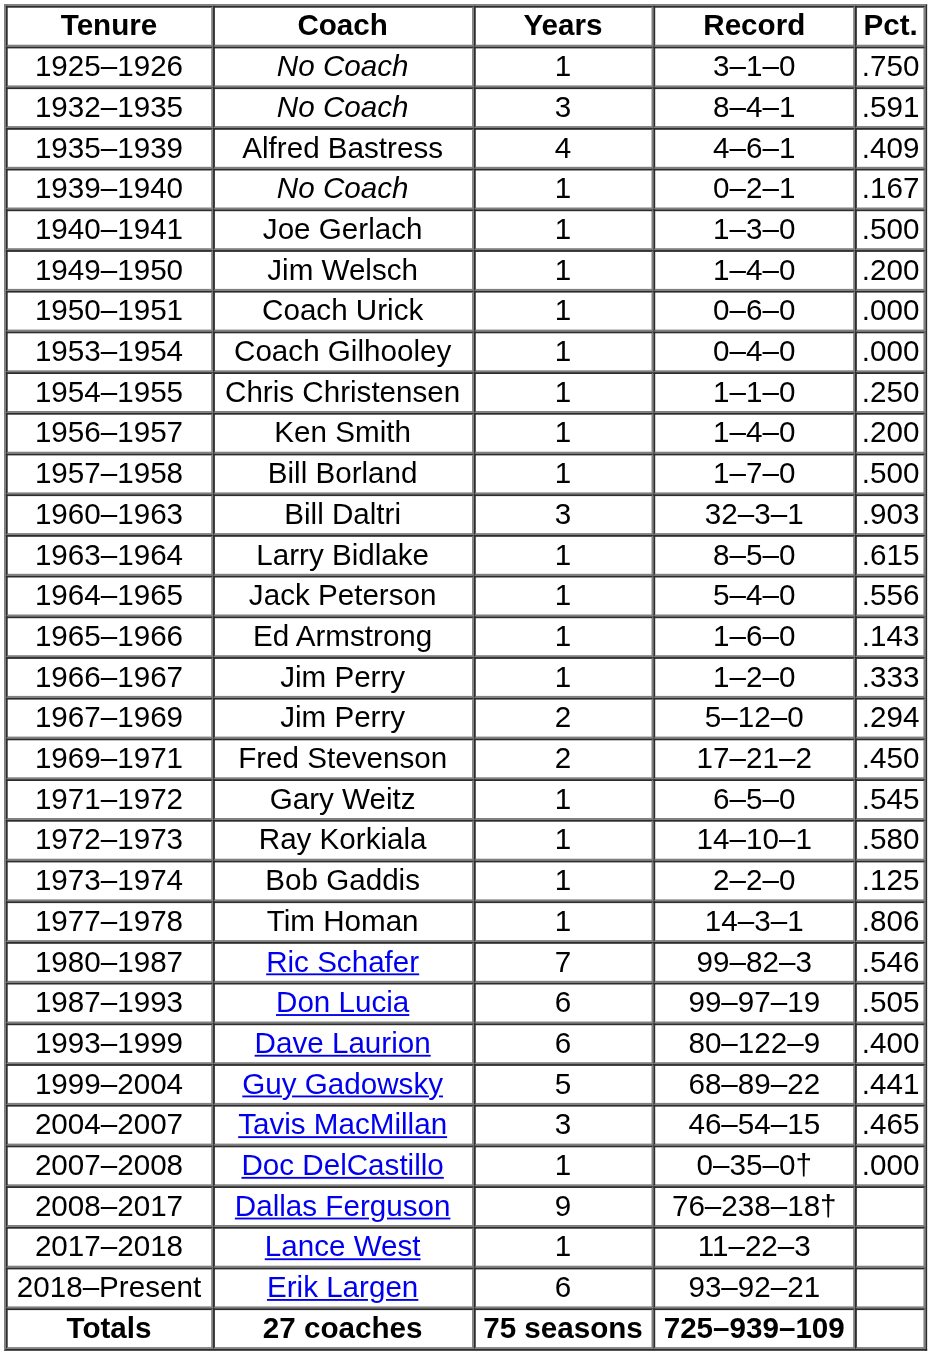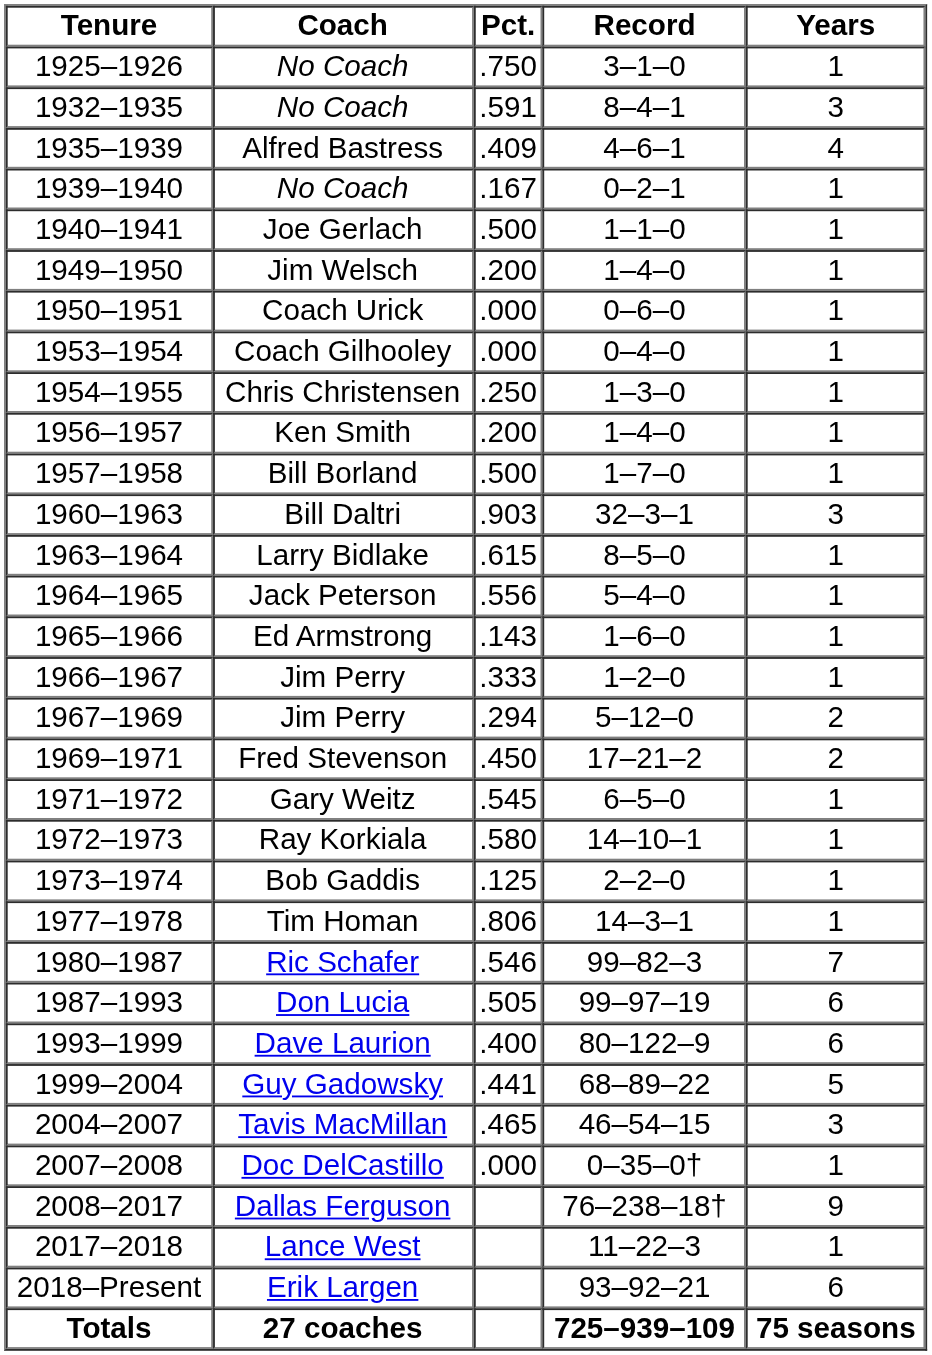 <table cellpadding="1" border="1" cellspacing="0" width="80%">
 <tr>
 <th>Tenure</th>
 <th>Coach</th>
+<th>Pct.</th>
+<th>Record</th>
 <th>Years</th>
-<th>Record</th>
-<th>Pct.</th>
 </tr>
 <tr align="center">
 <td>1925–1926</td>
 <td><em>No Coach</em></td>
+<td>.750</td>
+<td>3–1–0</td>
 <td>1</td>
-<td>3–1–0</td>
-<td>.750</td>
 </tr>
 <tr align="center">
 <td>1932–1935</td>
 <td><em>No Coach</em></td>
+<td>.591</td>
+<td>8–4–1</td>
 <td>3</td>
-<td>8–4–1</td>
-<td>.591</td>
 </tr>
 <tr align="center">
 <td>1935–1939</td>
 <td>Alfred Bastress</td>
+<td>.409</td>
+<td>4–6–1</td>
 <td>4</td>
-<td>4–6–1</td>
-<td>.409</td>
 </tr>
 <tr align="center">
 <td>1939–1940</td>
 <td><em>No Coach</em></td>
+<td>.167</td>
+<td>0–2–1</td>
 <td>1</td>
-<td>0–2–1</td>
-<td>.167</td>
 </tr>
 <tr align="center">
 <td>1940–1941</td>
 <td>Joe Gerlach</td>
+<td>.500</td>
+<td>1–1–0</td>
 <td>1</td>
-<td>1–3–0</td>
-<td>.500</td>
 </tr>
 <tr align="center">
 <td>1949–1950</td>
 <td>Jim Welsch</td>
+<td>.200</td>
+<td>1–4–0</td>
 <td>1</td>
-<td>1–4–0</td>
-<td>.200</td>
 </tr>
 <tr align="center">
 <td>1950–1951</td>
 <td>Coach Urick</td>
+<td>.000</td>
+<td>0–6–0</td>
 <td>1</td>
-<td>0–6–0</td>
-<td>.000</td>
 </tr>
 <tr align="center">
 <td>1953–1954</td>
 <td>Coach Gilhooley</td>
+<td>.000</td>
+<td>0–4–0</td>
 <td>1</td>
-<td>0–4–0</td>
-<td>.000</td>
 </tr>
 <tr align="center">
 <td>1954–1955</td>
 <td>Chris Christensen</td>
+<td>.250</td>
+<td>1–3–0</td>
 <td>1</td>
-<td>1–1–0</td>
-<td>.250</td>
 </tr>
 <tr align="center">
 <td>1956–1957</td>
 <td>Ken Smith</td>
+<td>.200</td>
+<td>1–4–0</td>
 <td>1</td>
-<td>1–4–0</td>
-<td>.200</td>
 </tr>
 <tr align="center">
 <td>1957–1958</td>
 <td>Bill Borland</td>
+<td>.500</td>
+<td>1–7–0</td>
 <td>1</td>
-<td>1–7–0</td>
-<td>.500</td>
 </tr>
 <tr align="center">
 <td>1960–1963</td>
 <td>Bill Daltri</td>
+<td>.903</td>
+<td>32–3–1</td>
 <td>3</td>
-<td>32–3–1</td>
-<td>.903</td>
 </tr>
 <tr align="center">
 <td>1963–1964</td>
 <td>Larry Bidlake</td>
+<td>.615</td>
+<td>8–5–0</td>
 <td>1</td>
-<td>8–5–0</td>
-<td>.615</td>
 </tr>
 <tr align="center">
 <td>1964–1965</td>
 <td>Jack Peterson</td>
+<td>.556</td>
+<td>5–4–0</td>
 <td>1</td>
-<td>5–4–0</td>
-<td>.556</td>
 </tr>
 <tr align="center">
 <td>1965–1966</td>
 <td>Ed Armstrong</td>
+<td>.143</td>
+<td>1–6–0</td>
 <td>1</td>
-<td>1–6–0</td>
-<td>.143</td>
 </tr>
 <tr align="center">
 <td>1966–1967</td>
 <td>Jim Perry</td>
+<td>.333</td>
+<td>1–2–0</td>
 <td>1</td>
-<td>1–2–0</td>
-<td>.333</td>
 </tr>
 <tr align="center">
 <td>1967–1969</td>
 <td>Jim Perry</td>
+<td>.294</td>
+<td>5–12–0</td>
 <td>2</td>
-<td>5–12–0</td>
-<td>.294</td>
 </tr>
 <tr align="center">
 <td>1969–1971</td>
 <td>Fred Stevenson</td>
+<td>.450</td>
+<td>17–21–2</td>
 <td>2</td>
-<td>17–21–2</td>
-<td>.450</td>
 </tr>
 <tr align="center">
 <td>1971–1972</td>
 <td>Gary Weitz</td>
+<td>.545</td>
+<td>6–5–0</td>
 <td>1</td>
-<td>6–5–0</td>
-<td>.545</td>
 </tr>
 <tr align="center">
 <td>1972–1973</td>
 <td>Ray Korkiala</td>
+<td>.580</td>
+<td>14–10–1</td>
 <td>1</td>
-<td>14–10–1</td>
-<td>.580</td>
 </tr>
 <tr align="center">
 <td>1973–1974</td>
 <td>Bob Gaddis</td>
+<td>.125</td>
+<td>2–2–0</td>
 <td>1</td>
-<td>2–2–0</td>
-<td>.125</td>
 </tr>
 <tr align="center">
 <td>1977–1978</td>
 <td>Tim Homan</td>
+<td>.806</td>
+<td>14–3–1</td>
 <td>1</td>
-<td>14–3–1</td>
-<td>.806</td>
 </tr>
 <tr align="center">
 <td>1980–1987</td>
 <td><a href='#'>Ric Schafer</a></td>
+<td>.546</td>
+<td>99–82–3</td>
 <td>7</td>
-<td>99–82–3</td>
-<td>.546</td>
 </tr>
 <tr align="center">
 <td>1987–1993</td>
 <td><a href='#'>Don Lucia</a></td>
+<td>.505</td>
+<td>99–97–19</td>
 <td>6</td>
-<td>99–97–19</td>
-<td>.505</td>
 </tr>
 <tr align="center">
 <td>1993–1999</td>
 <td><a href='#'>Dave Laurion</a></td>
+<td>.400</td>
+<td>80–122–9</td>
 <td>6</td>
-<td>80–122–9</td>
-<td>.400</td>
 </tr>
 <tr align="center">
 <td>1999–2004</td>
 <td><a href='#'>Guy Gadowsky</a></td>
+<td>.441</td>
+<td>68–89–22</td>
 <td>5</td>
-<td>68–89–22</td>
-<td>.441</td>
 </tr>
 <tr align="center">
 <td>2004–2007</td>
 <td><a href='#'>Tavis MacMillan</a></td>
+<td>.465</td>
+<td>46–54–15</td>
 <td>3</td>
-<td>46–54–15</td>
-<td>.465</td>
 </tr>
 <tr align="center">
 <td>2007–2008</td>
 <td><a href='#'>Doc DelCastillo</a></td>
+<td>.000</td>
+<td>0–35–0†</td>
 <td>1</td>
-<td>0–35–0†</td>
-<td>.000</td>
 </tr>
 <tr align="center">
 <td>2008–2017</td>
 <td><a href='#'>Dallas Ferguson</a></td>
+<td></td>
+<td>76–238–18†</td>
 <td>9</td>
-<td>76–238–18†</td>
-<td></td>
 </tr>
 <tr align="center">
 <td>2017–2018</td>
 <td><a href='#'>Lance West</a></td>
+<td></td>
+<td>11–22–3</td>
 <td>1</td>
-<td>11–22–3</td>
-<td></td>
 </tr>
 <tr align="center">
 <td>2018–Present</td>
 <td><a href='#'>Erik Largen</a></td>
+<td></td>
+<td>93–92–21</td>
 <td>6</td>
-<td>93–92–21</td>
-<td></td>
 </tr>
 <tr align=center>
 <th>Totals</th>
 <th>27 coaches</th>
+<th></th>
+<th>725–939–109</th>
 <th>75 seasons</th>
-<th>725–939–109</th>
-<th></th>
 </tr>
 </table>
